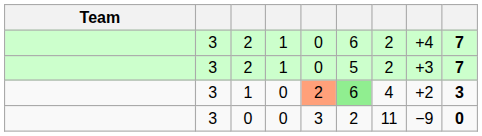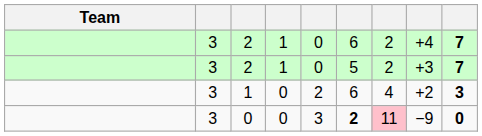 <table class="wikitable" style="text-align: center; font-size: 90%;">
 <tr>
 <th width=165>Team</th>
 <th width=25></th>
 <th width=25></th>
 <th width=25></th>
 <th width=25></th>
 <th width=25></th>
 <th width=25></th>
 <th width=25></th>
 <th width=25></th>
 </tr>
 <tr style="background:#cfc;">
 <td align="left"></td>
 <td>3</td>
 <td>2</td>
 <td>1</td>
 <td>0</td>
 <td>6</td>
 <td>2</td>
 <td>+4</td>
 <td><strong>7</strong></td>
 </tr>
 <tr style="background:#cfc;">
 <td align="left"></td>
 <td>3</td>
 <td>2</td>
 <td>1</td>
 <td>0</td>
 <td>5</td>
 <td>2</td>
 <td>+3</td>
 <td><strong>7</strong></td>
 </tr>
 <tr>
 <td align="left"></td>
 <td>3</td>
 <td>1</td>
 <td>0</td>
-<td style="background: lightsalmon;">2</td>
-<td style="background: lightgreen;">6</td>
+<td>2</td>
+<td>6</td>
 <td>4</td>
 <td>+2</td>
 <td><strong>3</strong></td>
 </tr>
 <tr>
 <td align="left"></td>
 <td>3</td>
 <td>0</td>
 <td>0</td>
 <td>3</td>
-<td>2</td>
-<td>11</td>
+<td><strong>2</strong></td>
+<td style="background: pink;">11</td>
 <td>−9</td>
 <td><strong>0</strong></td>
 </tr>
 </table>
